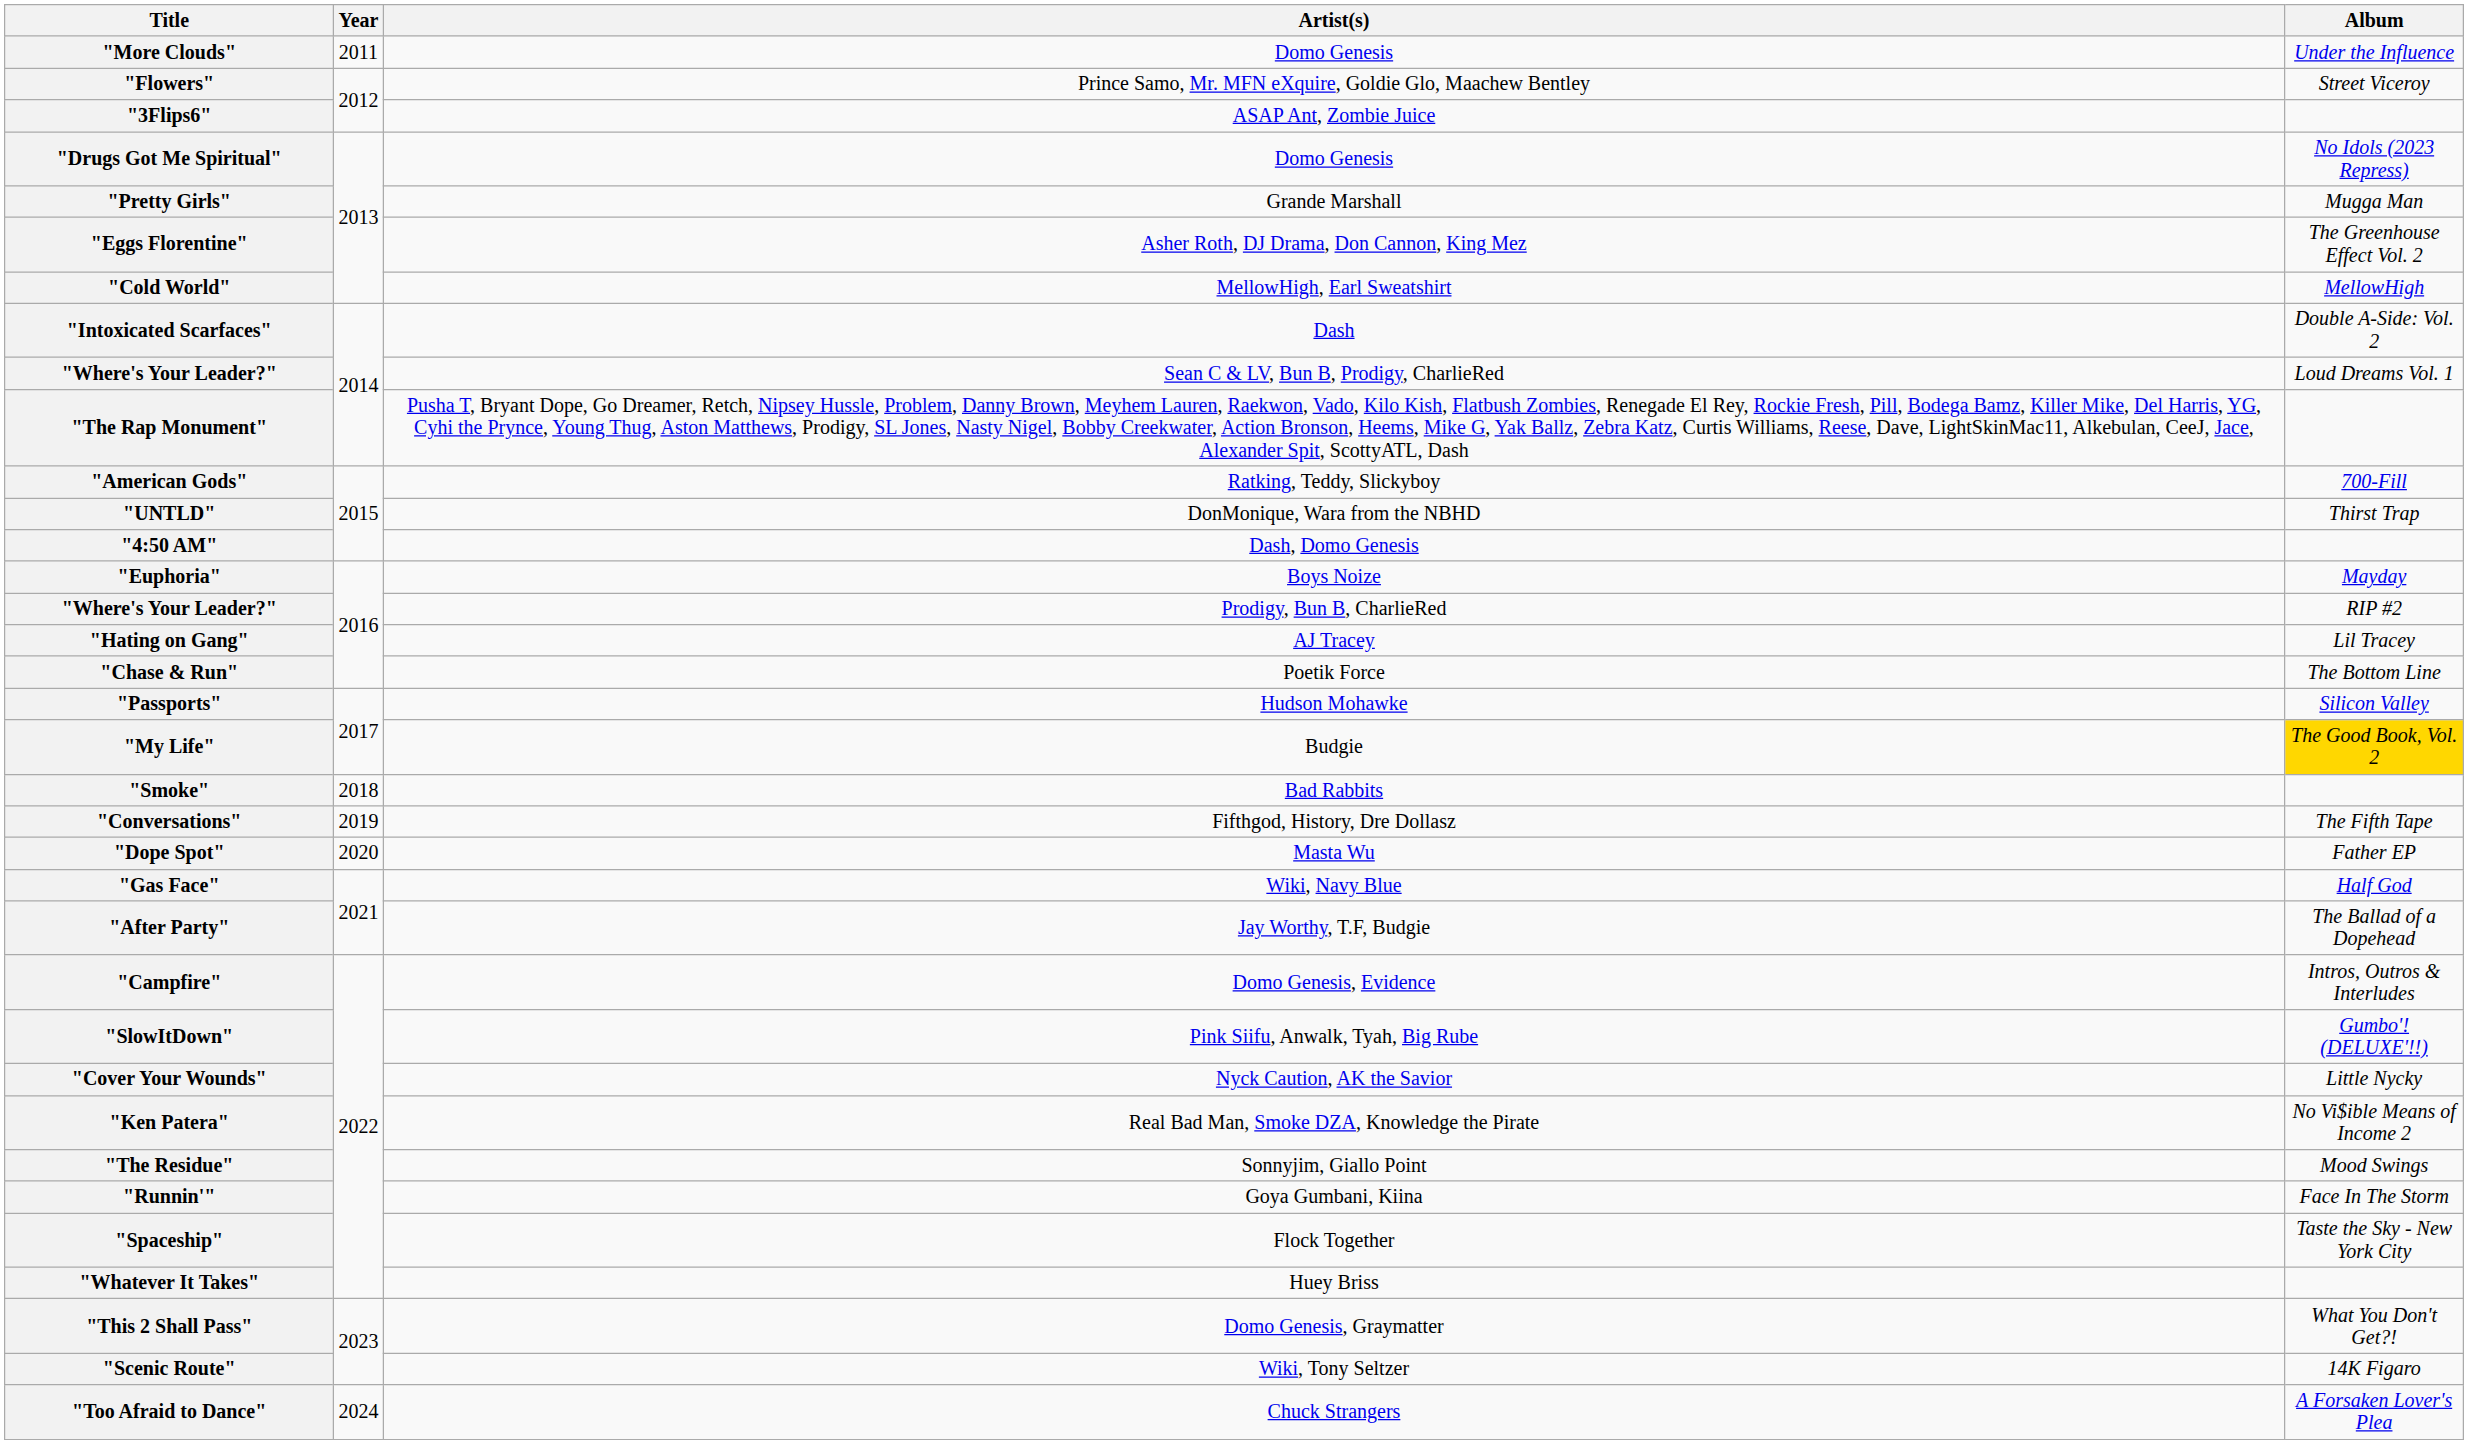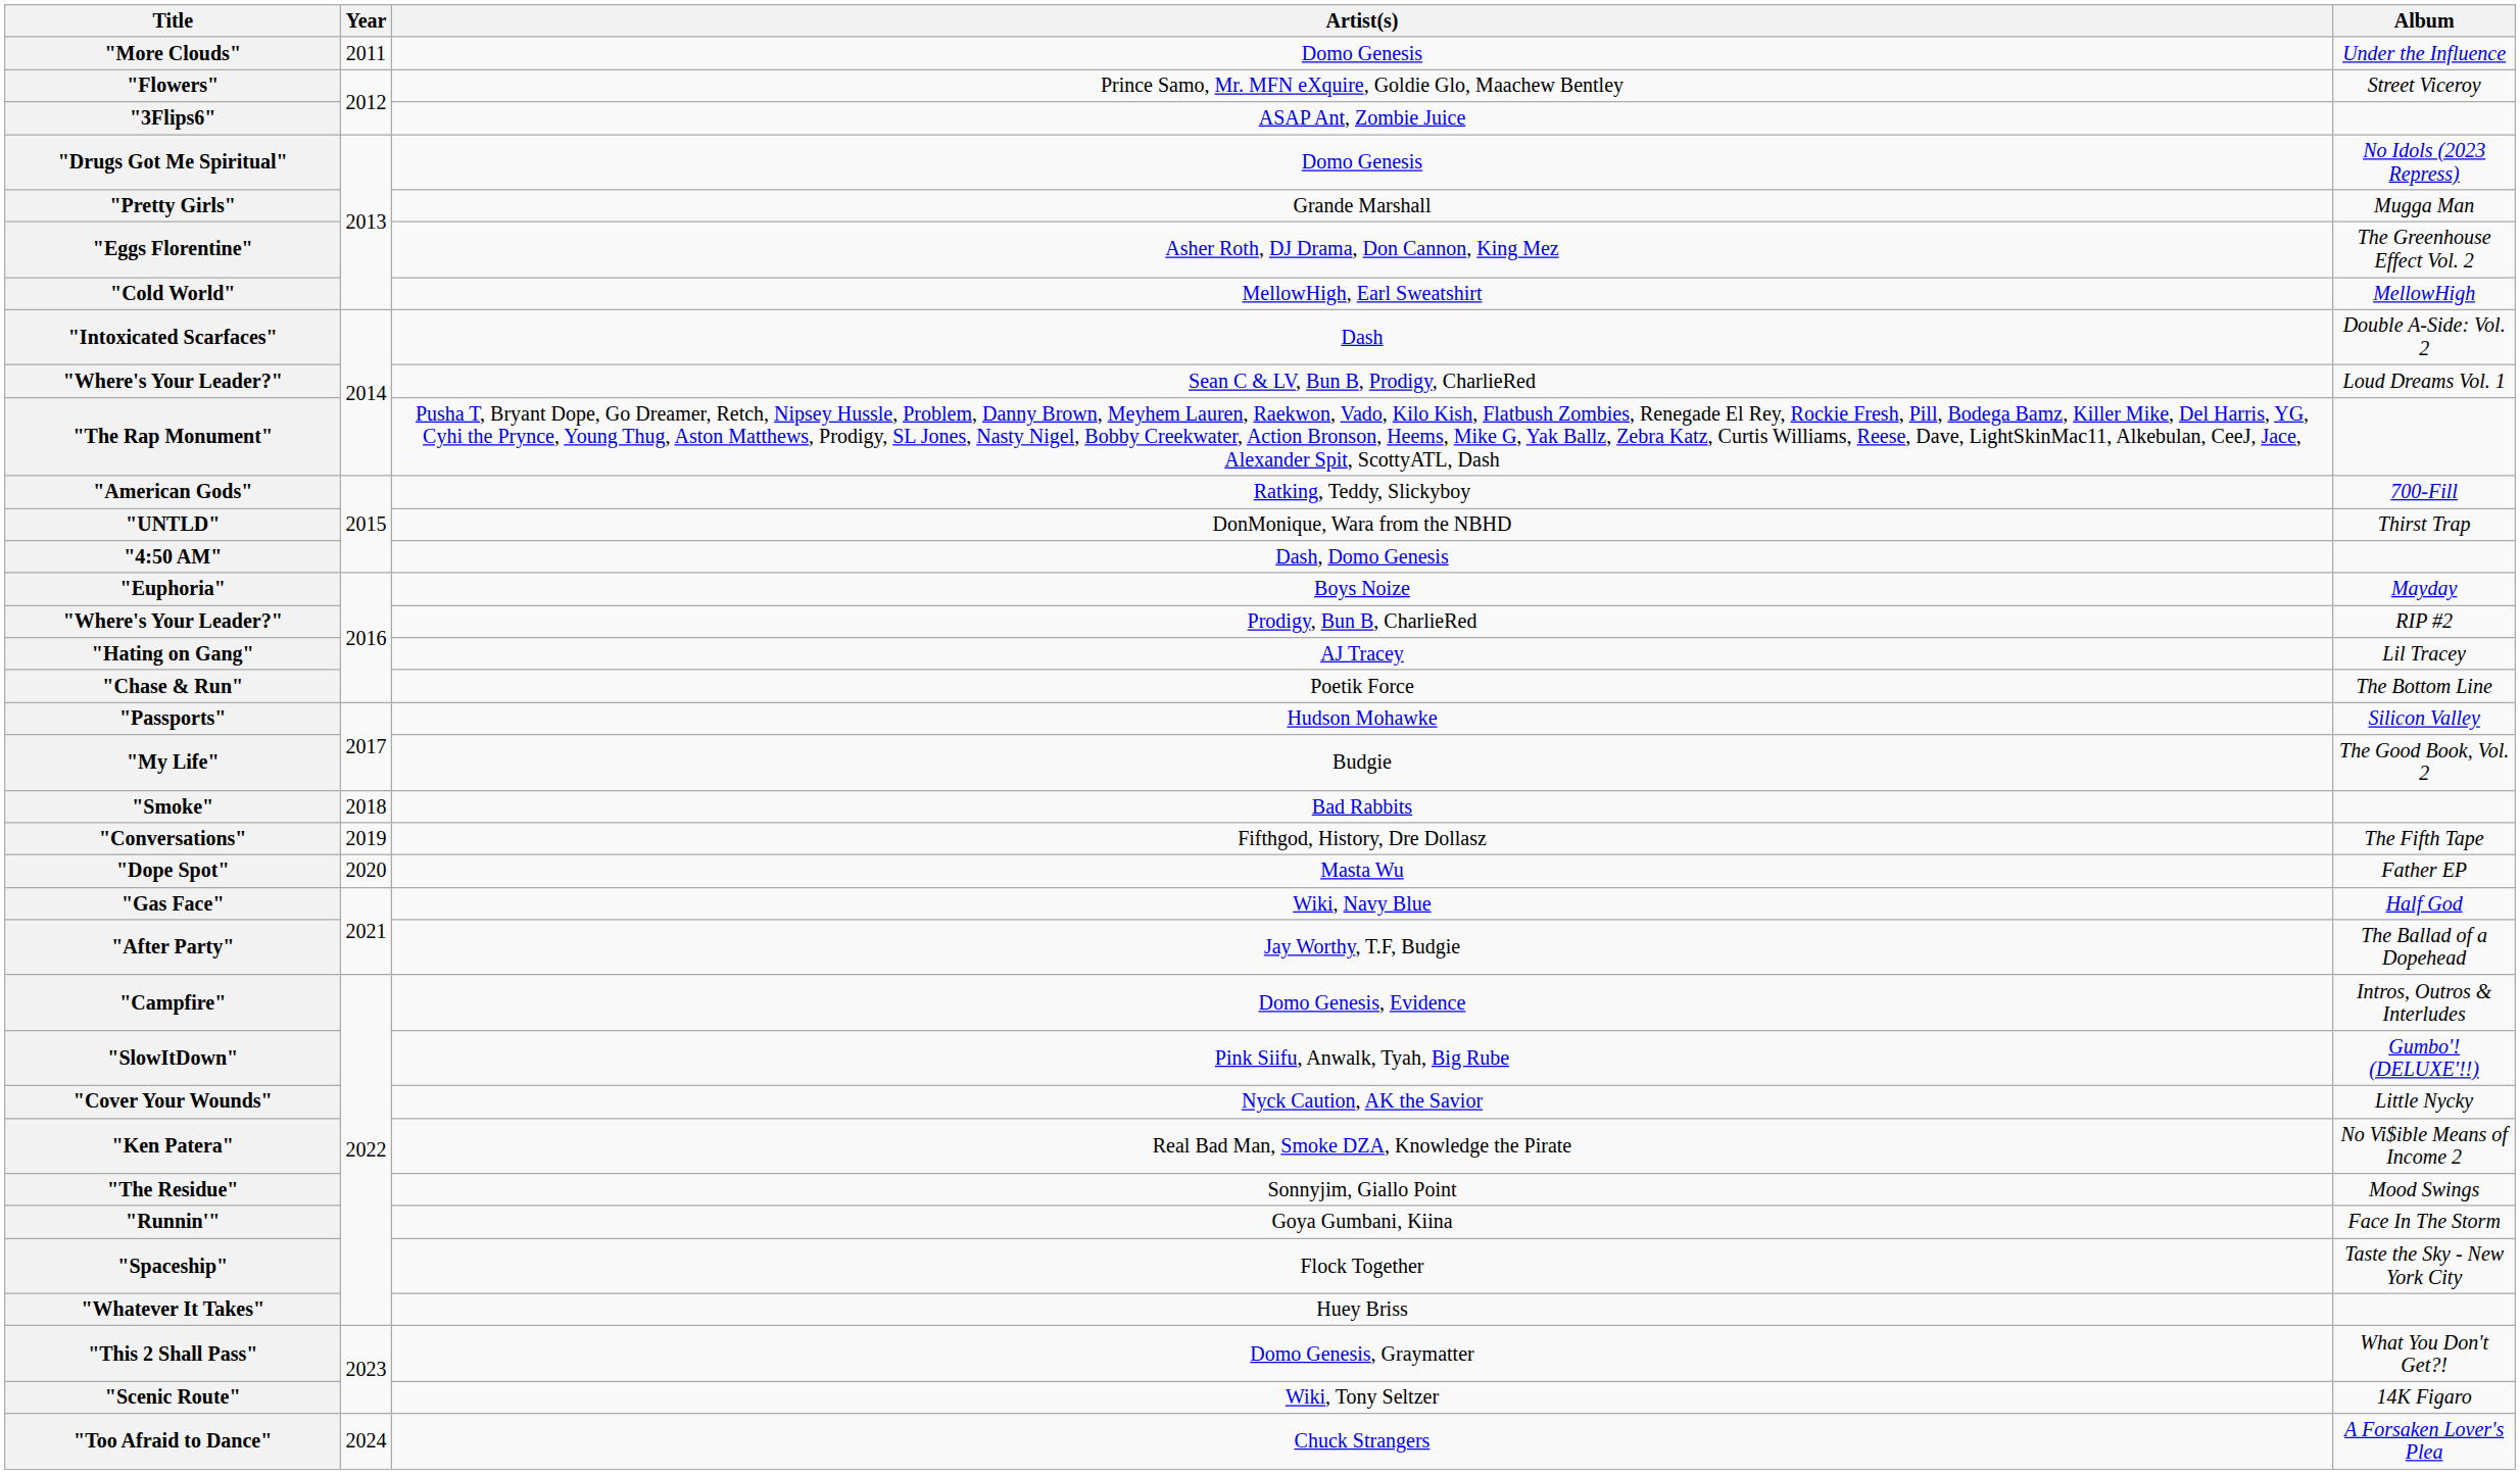 <table class="wikitable plainrowheaders" style="text-align:center;">
 <tr>
 <th scope="col" style="width:16em;">Title</th>
 <th scope="col">Year</th>
 <th scope="col">Artist(s)</th>
 <th scope="col">Album</th>
 </tr>
 <tr>
 <th scope="row">"More Clouds"</th>
 <td>2011</td>
 <td><a href='#'>Domo Genesis</a></td>
 <td><em><a href='#'>Under the Influence</a></em></td>
 </tr>
 <tr>
 <th scope="row">"Flowers"</th>
 <td rowspan="2">2012</td>
 <td>Prince Samo, <a href='#'>Mr. MFN eXquire</a>, Goldie Glo, Maachew Bentley</td>
 <td><em>Street Viceroy</em></td>
 </tr>
 <tr>
 <th scope="row">"3Flips6"</th>
 <td><a href='#'>ASAP Ant</a>, <a href='#'>Zombie Juice</a></td>
 <td></td>
 </tr>
 <tr>
 <th scope="row">"Drugs Got Me Spiritual"</th>
 <td rowspan="4">2013</td>
 <td><a href='#'>Domo Genesis</a></td>
 <td><em><a href='#'>No Idols (2023 Repress)</a></em></td>
 </tr>
 <tr>
 <th scope="row">"Pretty Girls"</th>
 <td>Grande Marshall</td>
 <td><em>Mugga Man</em></td>
 </tr>
 <tr>
 <th scope="row">"Eggs Florentine"</th>
 <td><a href='#'>Asher Roth</a>, <a href='#'>DJ Drama</a>, <a href='#'>Don Cannon</a>, <a href='#'>King Mez</a></td>
 <td><em>The Greenhouse Effect Vol. 2</em></td>
 </tr>
 <tr>
 <th scope="row">"Cold World"</th>
 <td><a href='#'>MellowHigh</a>, <a href='#'>Earl Sweatshirt</a></td>
 <td><em><a href='#'>MellowHigh</a></em></td>
 </tr>
 <tr>
 <th scope="row">"Intoxicated Scarfaces"</th>
 <td rowspan="3">2014</td>
 <td><a href='#'>Dash</a></td>
 <td><em>Double A-Side: Vol. 2</em></td>
 </tr>
 <tr>
 <th scope="row">"Where's Your Leader?"</th>
 <td><a href='#'>Sean C & LV</a>, <a href='#'>Bun B</a>, <a href='#'>Prodigy</a>, CharlieRed</td>
 <td><em>Loud Dreams Vol. 1</em></td>
 </tr>
 <tr>
 <th scope="row">"The Rap Monument"</th>
 <td><a href='#'>Pusha T</a>, Bryant Dope, Go Dreamer, Retch, <a href='#'>Nipsey Hussle</a>, <a href='#'>Problem</a>, <a href='#'>Danny Brown</a>, <a href='#'>Meyhem Lauren</a>, <a href='#'>Raekwon</a>, <a href='#'>Vado</a>, <a href='#'>Kilo Kish</a>, <a href='#'>Flatbush Zombies</a>, Renegade El Rey, <a href='#'>Rockie Fresh</a>, <a href='#'>Pill</a>, <a href='#'>Bodega Bamz</a>, <a href='#'>Killer Mike</a>, <a href='#'>Del Harris</a>, <a href='#'>YG</a>, <a href='#'>Cyhi the Prynce</a>, <a href='#'>Young Thug</a>, <a href='#'>Aston Matthews</a>, Prodigy, <a href='#'>SL Jones</a>, <a href='#'>Nasty Nigel</a>, <a href='#'>Bobby Creekwater</a>, <a href='#'>Action Bronson</a>, <a href='#'>Heems</a>, <a href='#'>Mike G</a>, <a href='#'>Yak Ballz</a>, <a href='#'>Zebra Katz</a>, Curtis Williams, <a href='#'>Reese</a>, Dave, LightSkinMac11, Alkebulan, CeeJ, <a href='#'>Jace</a>, <a href='#'>Alexander Spit</a>, ScottyATL, Dash</td>
 <td></td>
 </tr>
 <tr>
 <th scope="row">"American Gods"</th>
 <td rowspan="3">2015</td>
 <td><a href='#'>Ratking</a>, Teddy, Slickyboy</td>
 <td><em><a href='#'>700-Fill</a></em></td>
 </tr>
 <tr>
 <th scope="row">"UNTLD"</th>
 <td>DonMonique, Wara from the NBHD</td>
 <td><em>Thirst Trap</em></td>
 </tr>
 <tr>
 <th scope="row">"4:50 AM"</th>
 <td><a href='#'> Dash</a>, <a href='#'>Domo Genesis</a></td>
 <td></td>
 </tr>
 <tr>
 <th scope="row">"Euphoria"</th>
 <td rowspan="4">2016</td>
 <td><a href='#'>Boys Noize</a></td>
 <td><em><a href='#'>Mayday</a></em></td>
 </tr>
 <tr>
 <th scope="row">"Where's Your Leader?"</th>
 <td><a href='#'>Prodigy</a>, <a href='#'>Bun B</a>, CharlieRed</td>
 <td><em>RIP #2</em></td>
 </tr>
 <tr>
 <th scope="row">"Hating on Gang"</th>
 <td><a href='#'>AJ Tracey</a></td>
 <td><em>Lil Tracey</em></td>
 </tr>
 <tr>
 <th scope="row">"Chase & Run"</th>
 <td>Poetik Force</td>
 <td><em>The Bottom Line</em></td>
 </tr>
 <tr>
 <th scope="row">"Passports"</th>
 <td rowspan="2">2017</td>
 <td><a href='#'>Hudson Mohawke</a></td>
 <td><em><a href='#'>Silicon Valley</a></em></td>
 </tr>
 <tr>
 <th scope="row">"My Life"</th>
 <td>Budgie</td>
-<td style="background: gold;"><em>The Good Book, Vol. 2</em></td>
+<td><em>The Good Book, Vol. 2</em></td>
 </tr>
 <tr>
 <th scope="row">"Smoke"</th>
 <td>2018</td>
 <td><a href='#'>Bad Rabbits</a></td>
 <td></td>
 </tr>
 <tr>
 <th scope="row">"Conversations"</th>
 <td>2019</td>
 <td>Fifthgod, History, Dre Dollasz</td>
 <td><em>The Fifth Tape</em></td>
 </tr>
 <tr>
 <th scope="row">"Dope Spot"</th>
 <td>2020</td>
 <td><a href='#'>Masta Wu</a></td>
 <td><em>Father EP</em></td>
 </tr>
 <tr>
 <th scope="row">"Gas Face"</th>
 <td rowspan="2">2021</td>
 <td><a href='#'>Wiki</a>, <a href='#'>Navy Blue</a></td>
 <td><em><a href='#'>Half God</a></em></td>
 </tr>
 <tr>
 <th scope="row">"After Party"</th>
 <td><a href='#'>Jay Worthy</a>, T.F, Budgie</td>
 <td><em>The Ballad of a Dopehead</em></td>
 </tr>
 <tr>
 <th scope="row">"Campfire"</th>
 <td rowspan="8">2022</td>
 <td><a href='#'>Domo Genesis</a>, <a href='#'>Evidence</a></td>
 <td><em>Intros, Outros & Interludes</em></td>
 </tr>
 <tr>
 <th scope="row">"SlowItDown"</th>
 <td><a href='#'>Pink Siifu</a>, Anwalk, Tyah, <a href='#'>Big Rube</a></td>
 <td><em><a href='#'>Gumbo'! (DELUXE'!!)</a></em></td>
 </tr>
 <tr>
 <th scope="row">"Cover Your Wounds"</th>
 <td><a href='#'>Nyck Caution</a>, <a href='#'>AK the Savior</a></td>
 <td><em>Little Nycky</em></td>
 </tr>
 <tr>
 <th scope="row">"Ken Patera"</th>
 <td>Real Bad Man, <a href='#'>Smoke DZA</a>, Knowledge the Pirate</td>
 <td><em>No Vi$ible Means of Income 2</em></td>
 </tr>
 <tr>
 <th scope="row">"The Residue"</th>
 <td>Sonnyjim, Giallo Point</td>
 <td><em>Mood Swings</em></td>
 </tr>
 <tr>
 <th scope="row">"Runnin'"</th>
 <td>Goya Gumbani, Kiina</td>
 <td><em>Face In The Storm</em></td>
 </tr>
 <tr>
 <th scope="row">"Spaceship"</th>
 <td>Flock Together</td>
 <td><em>Taste the Sky - New York City</em></td>
 </tr>
 <tr>
 <th scope="row">"Whatever It Takes"</th>
 <td>Huey Briss</td>
 <td></td>
 </tr>
 <tr>
 <th scope="row">"This 2 Shall Pass"</th>
 <td rowspan="2">2023</td>
 <td><a href='#'>Domo Genesis</a>, Graymatter</td>
 <td><em>What You Don't Get?!</em></td>
 </tr>
 <tr>
 <th scope="row">"Scenic Route"</th>
 <td><a href='#'>Wiki</a>, Tony Seltzer</td>
 <td><em>14K Figaro</em></td>
 </tr>
 <tr>
 <th scope="row">"Too Afraid to Dance"</th>
 <td>2024</td>
 <td><a href='#'>Chuck Strangers</a></td>
 <td><em><a href='#'>A Forsaken Lover's Plea</a></em></td>
 </tr>
 <tr>
 </tr>
 </table>
